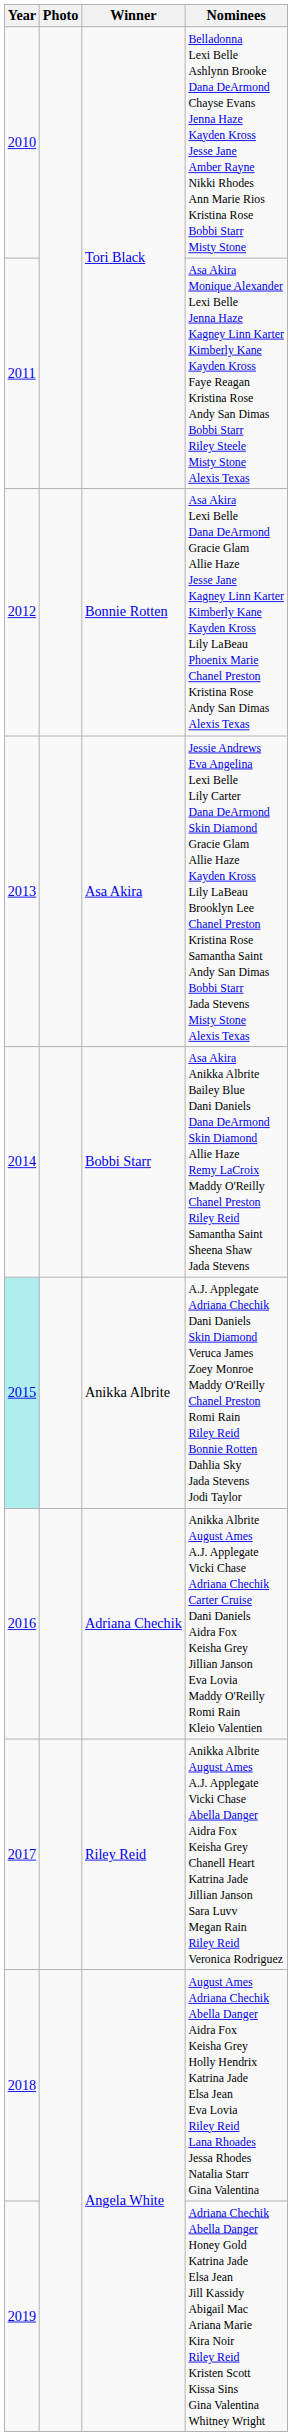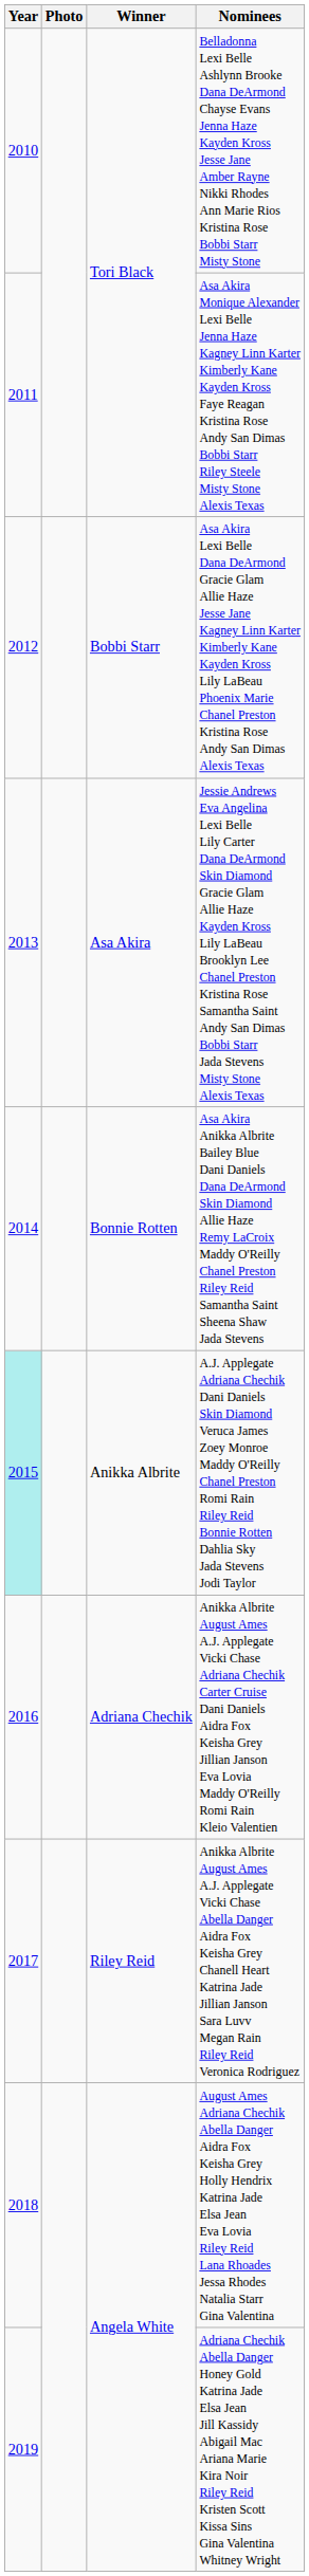 <table class="wikitable sortable">
 <tr>
 <th>Year</th>
 <th>Photo</th>
 <th>Winner</th>
 <th>Nominees</th>
 </tr>
 <tr>
 <td><a href='#'>2010</a></td>
 <td rowspan=2></td>
 <td rowspan=2><a href='#'>Tori Black</a></td>
 <td><small><a href='#'>Belladonna</a><br>Lexi Belle<br>Ashlynn Brooke<br><a href='#'>Dana DeArmond</a><br>Chayse Evans<br><a href='#'>Jenna Haze</a><br><a href='#'>Kayden Kross</a><br><a href='#'>Jesse Jane</a><br><a href='#'>Amber Rayne</a><br>Nikki Rhodes<br>Ann Marie Rios<br>Kristina Rose<br><a href='#'>Bobbi Starr</a><br><a href='#'>Misty Stone</a></small></td>
 </tr>
 <tr>
 <td><a href='#'>2011</a></td>
 <td><small><a href='#'>Asa Akira</a><br><a href='#'>Monique Alexander</a><br>Lexi Belle<br><a href='#'>Jenna Haze</a><br><a href='#'>Kagney Linn Karter</a><br><a href='#'>Kimberly Kane</a><br><a href='#'>Kayden Kross</a><br>Faye Reagan<br>Kristina Rose<br>Andy San Dimas<br><a href='#'>Bobbi Starr</a><br><a href='#'>Riley Steele</a><br><a href='#'>Misty Stone</a><br><a href='#'>Alexis Texas</a></small></td>
 </tr>
 <tr>
 <td><a href='#'>2012</a></td>
 <td></td>
-<td><a href='#'>Bonnie Rotten</a></td>
+<td><a href='#'>Bobbi Starr</a></td>
 <td><small><a href='#'>Asa Akira</a><br>Lexi Belle<br><a href='#'>Dana DeArmond</a><br>Gracie Glam<br>Allie Haze<br><a href='#'>Jesse Jane</a><br><a href='#'>Kagney Linn Karter</a><br><a href='#'>Kimberly Kane</a><br><a href='#'>Kayden Kross</a><br>Lily LaBeau<br><a href='#'>Phoenix Marie</a><br><a href='#'>Chanel Preston</a><br>Kristina Rose<br>Andy San Dimas<br><a href='#'>Alexis Texas</a></small></td>
 </tr>
 <tr>
 <td><a href='#'>2013</a></td>
 <td></td>
 <td><a href='#'>Asa Akira</a></td>
 <td><small><a href='#'>Jessie Andrews</a><br><a href='#'>Eva Angelina</a><br>Lexi Belle<br>Lily Carter<br><a href='#'>Dana DeArmond</a><br><a href='#'>Skin Diamond</a><br>Gracie Glam<br>Allie Haze<br><a href='#'>Kayden Kross</a><br>Lily LaBeau<br>Brooklyn Lee<br><a href='#'>Chanel Preston</a><br>Kristina Rose<br>Samantha Saint<br>Andy San Dimas<br><a href='#'>Bobbi Starr</a><br>Jada Stevens<br><a href='#'>Misty Stone</a><br><a href='#'>Alexis Texas</a></small></td>
 </tr>
 <tr>
 <td><a href='#'>2014</a></td>
 <td></td>
-<td><a href='#'>Bobbi Starr</a></td>
+<td><a href='#'>Bonnie Rotten</a></td>
 <td><small><a href='#'>Asa Akira</a><br>Anikka Albrite<br>Bailey Blue<br>Dani Daniels<br><a href='#'>Dana DeArmond</a><br><a href='#'>Skin Diamond</a><br>Allie Haze<br><a href='#'>Remy LaCroix</a><br>Maddy O'Reilly<br><a href='#'>Chanel Preston</a><br><a href='#'>Riley Reid</a><br>Samantha Saint<br>Sheena Shaw<br>Jada Stevens</small></td>
 </tr>
 <tr>
 <td style="background: paleturquoise;"><a href='#'>2015</a></td>
 <td></td>
 <td>Anikka Albrite</td>
 <td><small>A.J. Applegate<br><a href='#'>Adriana Chechik</a><br>Dani Daniels<br><a href='#'>Skin Diamond</a><br>Veruca James<br>Zoey Monroe<br>Maddy O'Reilly<br><a href='#'>Chanel Preston</a><br>Romi Rain<br><a href='#'>Riley Reid</a><br><a href='#'>Bonnie Rotten</a><br>Dahlia Sky<br>Jada Stevens<br>Jodi Taylor</small></td>
 </tr>
 <tr>
 <td><a href='#'>2016</a></td>
 <td></td>
 <td><a href='#'>Adriana Chechik</a></td>
 <td><small>Anikka Albrite<br><a href='#'>August Ames</a><br>A.J. Applegate<br>Vicki Chase<br><a href='#'>Adriana Chechik</a><br><a href='#'>Carter Cruise</a><br>Dani Daniels<br>Aidra Fox<br>Keisha Grey<br>Jillian Janson<br>Eva Lovia<br>Maddy O'Reilly<br>Romi Rain<br>Kleio Valentien</small></td>
 </tr>
 <tr>
 <td><a href='#'>2017</a></td>
 <td></td>
 <td><a href='#'>Riley Reid</a></td>
 <td><small>Anikka Albrite<br><a href='#'>August Ames</a><br>A.J. Applegate<br>Vicki Chase<br><a href='#'>Abella Danger</a><br>Aidra Fox<br>Keisha Grey<br>Chanell Heart<br>Katrina Jade<br>Jillian Janson<br>Sara Luvv<br>Megan Rain<br><a href='#'>Riley Reid</a><br>Veronica Rodriguez</small></td>
 </tr>
 <tr>
 <td><a href='#'>2018</a></td>
 <td rowspan=2></td>
 <td rowspan=2><a href='#'>Angela White</a></td>
 <td><small><a href='#'>August Ames</a><br><a href='#'>Adriana Chechik</a><br><a href='#'>Abella Danger</a><br>Aidra Fox<br>Keisha Grey<br>Holly Hendrix<br>Katrina Jade<br>Elsa Jean<br>Eva Lovia<br><a href='#'>Riley Reid</a><br><a href='#'>Lana Rhoades</a><br>Jessa Rhodes<br>Natalia Starr<br>Gina Valentina<br></small></td>
 </tr>
 <tr>
 <td><a href='#'>2019</a></td>
 <td><small><a href='#'>Adriana Chechik</a><br><a href='#'>Abella Danger</a><br>Honey Gold<br> Katrina Jade<br>Elsa Jean<br>Jill Kassidy<br>Abigail Mac<br>Ariana Marie<br>Kira Noir<br><a href='#'>Riley Reid</a><br>Kristen Scott<br>Kissa Sins<br>Gina Valentina<br>Whitney Wright<br></small></td>
 </tr>
 </table>
